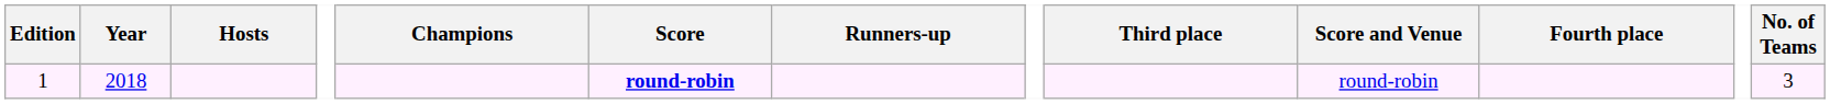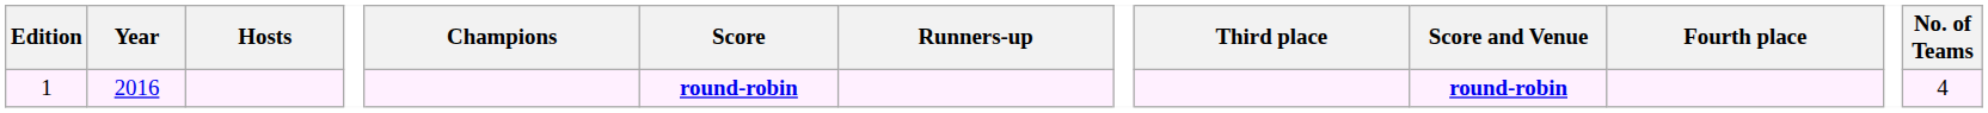 <table class="wikitable" style="text-align:center;width:100%; font-size:90%;">
 <tr>
 <th width=2%>Edition</th>
 <th width=5%>Year</th>
 <th width=8%>Hosts</th>
 <td rowspan="5" style="width:1%;background:#fff;border-top-style:hidden;border-bottom-style:hidden;"></td>
 <th style="width:14%;">Champions</th>
 <th width=10%>Score</th>
 <th style="width:14%;">Runners-up</th>
 <td rowspan="5" style="width:1%;background:#fff;border-top-style:hidden;border-bottom-style:hidden;"></td>
 <th style="width:14%;">Third place</th>
 <th width=10%>Score and Venue</th>
 <th style="width:14%;">Fourth place</th>
 <td rowspan="5" style="width:1%;background:#fff;border-top-style:hidden;border-bottom-style:hidden;"></td>
 <th width=4%>No. of Teams</th>
 </tr>
 <tr align="centre" bgcolor="#fff0ff">
 <td>1</td>
-<td><a href='#'>2018</a> <br></td>
+<td><a href='#'>2016</a> <br></td>
 <td align="left"></td>
 <td><strong></strong></td>
 <td><strong><a href='#'>round-robin</a></strong></td>
 <td></td>
 <td></td>
-<td><a href='#'>round-robin</a></td>
+<td><strong><a href='#'>round-robin</a></strong></td>
 <td></td>
-<td>3</td>
+<td>4</td>
 </tr>
 </table>
